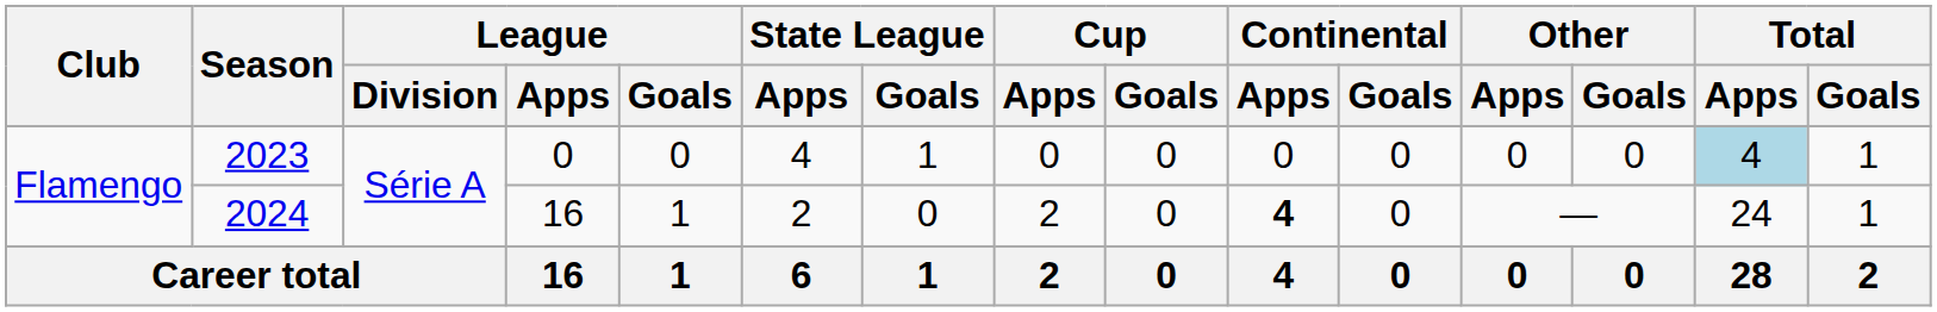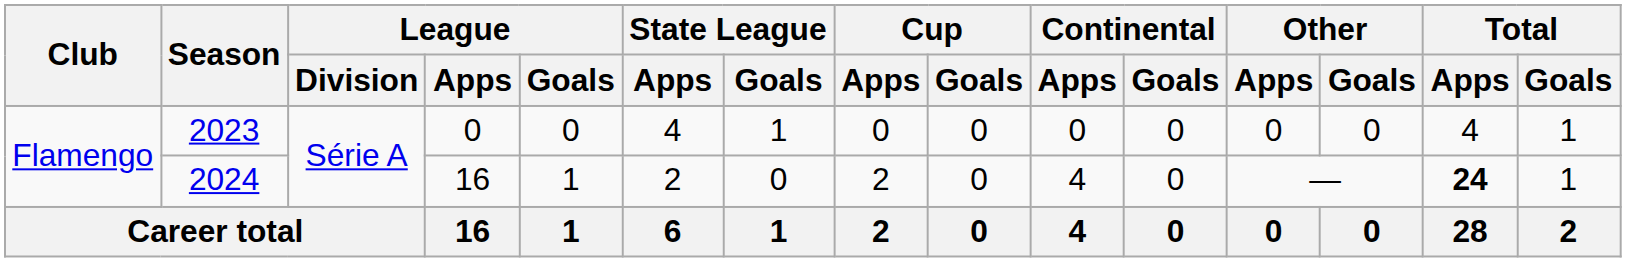 <table class="wikitable" style="text-align: center;">
 <tr>
 <th rowspan="2">Club</th>
 <th rowspan="2">Season</th>
 <th colspan="3">League</th>
 <th colspan="2">State League</th>
 <th colspan="2">Cup</th>
 <th colspan="2">Continental</th>
 <th colspan="2">Other</th>
 <th colspan="2">Total</th>
 </tr>
 <tr>
 <th>Division</th>
 <th>Apps</th>
 <th>Goals</th>
 <th>Apps</th>
 <th>Goals</th>
 <th>Apps</th>
 <th>Goals</th>
 <th>Apps</th>
 <th>Goals</th>
 <th>Apps</th>
 <th>Goals</th>
 <th>Apps</th>
 <th>Goals</th>
 </tr>
 <tr>
 <td rowspan="2"><a href='#'>Flamengo</a></td>
 <td><a href='#'>2023</a></td>
 <td rowspan="2"><a href='#'>Série A</a></td>
 <td>0</td>
 <td>0</td>
 <td>4</td>
 <td>1</td>
 <td>0</td>
 <td>0</td>
 <td>0</td>
 <td>0</td>
 <td>0</td>
 <td>0</td>
-<td style="background: lightblue;">4</td>
+<td>4</td>
 <td>1</td>
 </tr>
 <tr>
 <td><a href='#'>2024</a></td>
 <td>16</td>
 <td>1</td>
 <td>2</td>
 <td>0</td>
 <td>2</td>
 <td>0</td>
-<td><strong>4</strong></td>
+<td>4</td>
 <td>0</td>
 <td colspan="2">—</td>
-<td>24</td>
+<td><strong>24</strong></td>
 <td>1</td>
 </tr>
 <tr>
 <th colspan="3"><strong>Career total</strong></th>
 <th>16</th>
 <th>1</th>
 <th>6</th>
 <th>1</th>
 <th>2</th>
 <th>0</th>
 <th>4</th>
 <th>0</th>
 <th>0</th>
 <th>0</th>
 <th>28</th>
 <th>2</th>
 </tr>
 </table>
